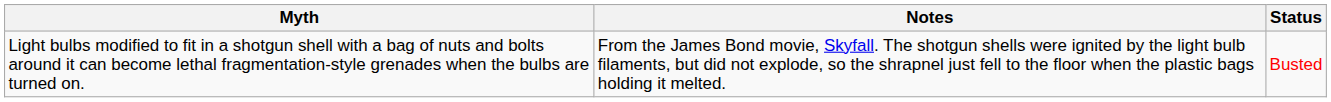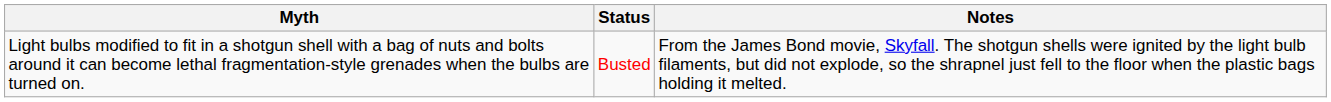 <table class="wikitable plainrowheaders">
 <tr>
 <th scope"col">Myth</th>
+<th scope"col">Status</th>
 <th scope"col">Notes</th>
-<th scope"col">Status</th>
 </tr>
 <tr>
 <td scope"row">Light bulbs modified to fit in a shotgun shell with a bag of nuts and bolts around it can become lethal fragmentation-style grenades when the bulbs are turned on.</td>
+<td style="color:red">Busted</td>
 <td>From the James Bond movie, <a href='#'>Skyfall</a>.  The shotgun shells were ignited by the light bulb filaments, but did not explode, so the shrapnel just fell to the floor when the plastic bags holding it melted.</td>
-<td style="color:red">Busted</td>
 </tr>
 </table>
